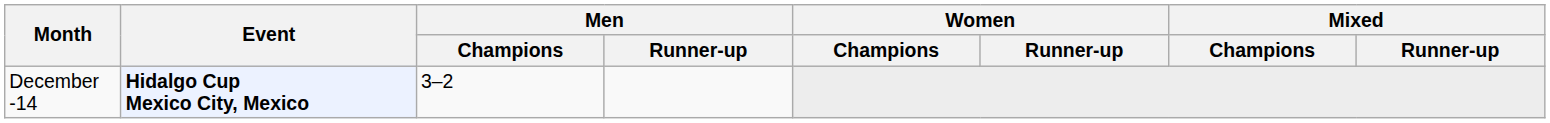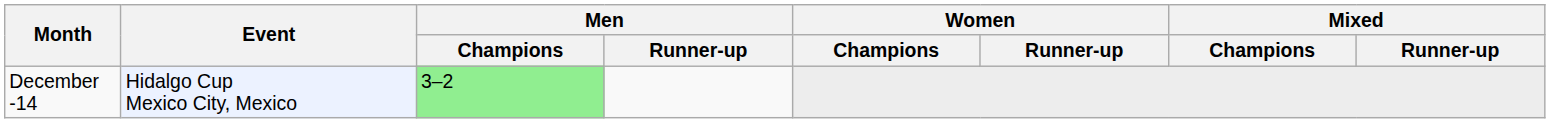 <table class="wikitable" style="font-size:85%;">
 <tr>
 <th rowspan="2" style="width:75px;">Month</th>
 <th rowspan="2" style="width:200px;">Event</th>
 <th colspan="2" style="width:250px;">Men</th>
 <th colspan="2" style="width:250px;">Women</th>
 <th colspan="2" style="width:250px;">Mixed</th>
 </tr>
 <tr>
 <th style="width:125px;">Champions</th>
 <th style="width:125px;">Runner-up</th>
 <th style="width:125px;">Champions</th>
 <th style="width:125px;">Runner-up</th>
 <th style="width:125px;">Champions</th>
 <th style="width:125px;">Runner-up</th>
 </tr>
 <tr valign=top>
 <td>December -14</td>
-<td style="background:#ECF2FF;"><strong>Hidalgo Cup<br>Mexico City, Mexico</strong></td>
-<td><strong></strong> 3–2</td>
+<td style="background:#ECF2FF;">Hidalgo Cup<br>Mexico City, Mexico</td>
+<td style="background: lightgreen;"><strong></strong> 3–2</td>
 <td></td>
 <td style="background:#ededed;" colspan="4"></td>
 </tr>
 </table>
